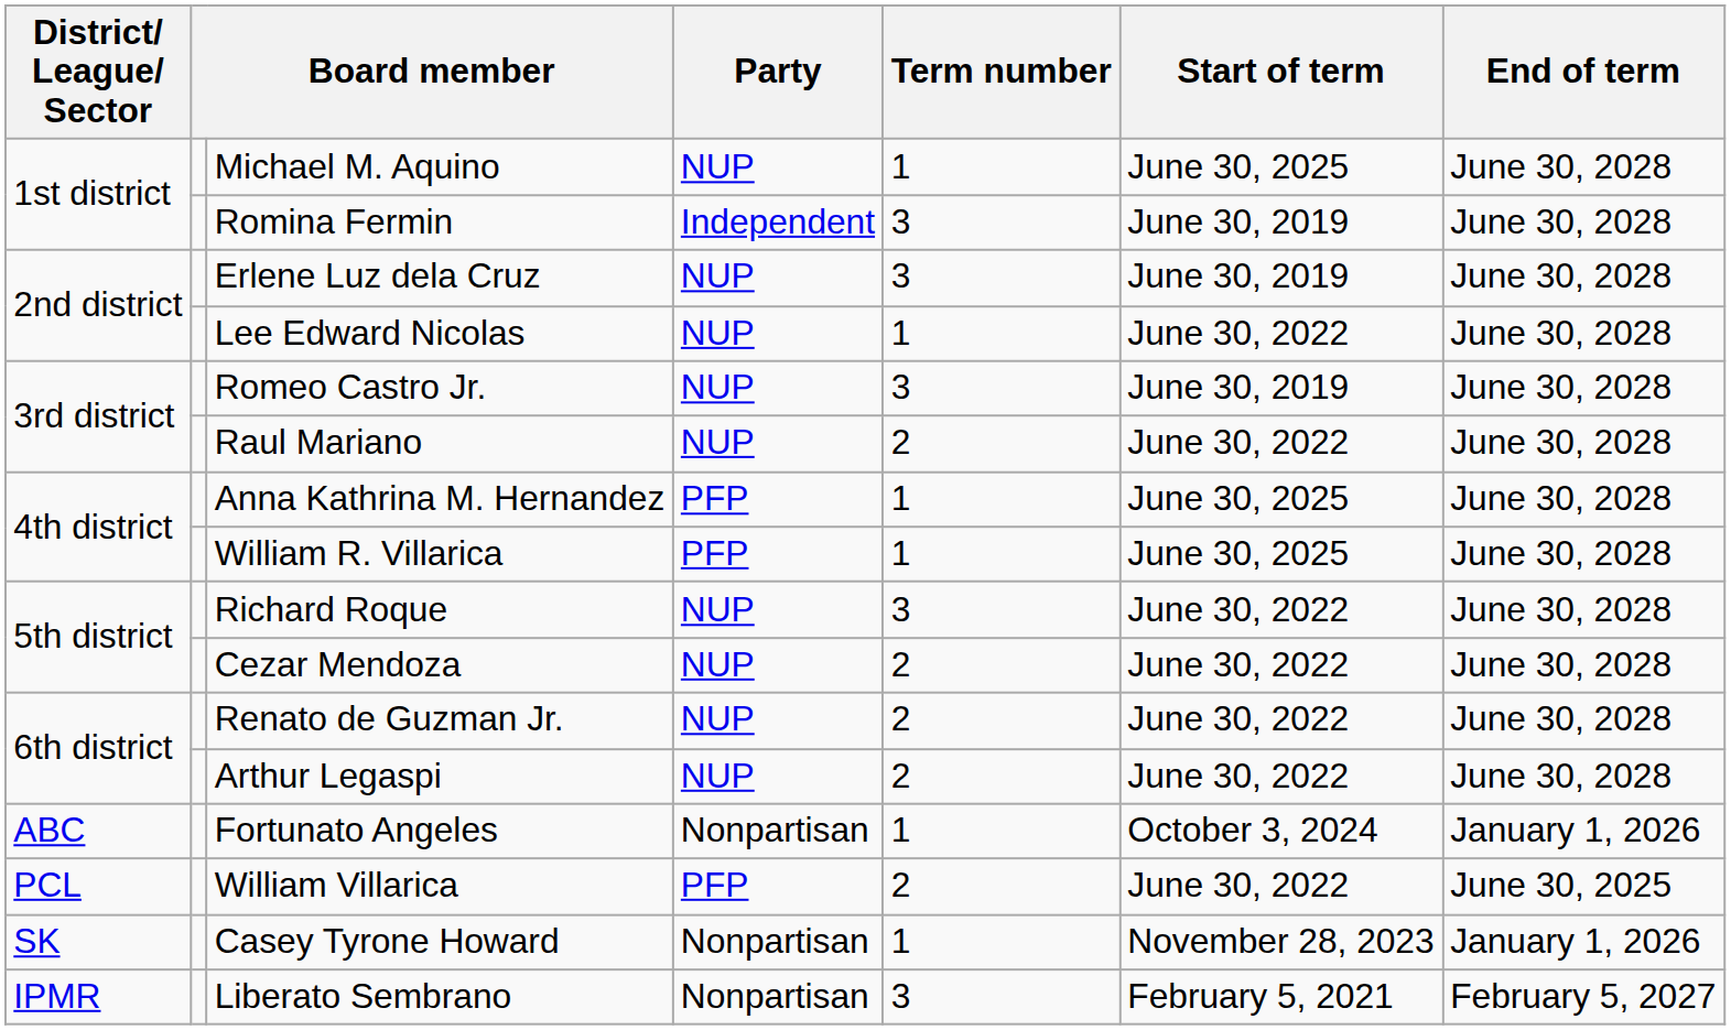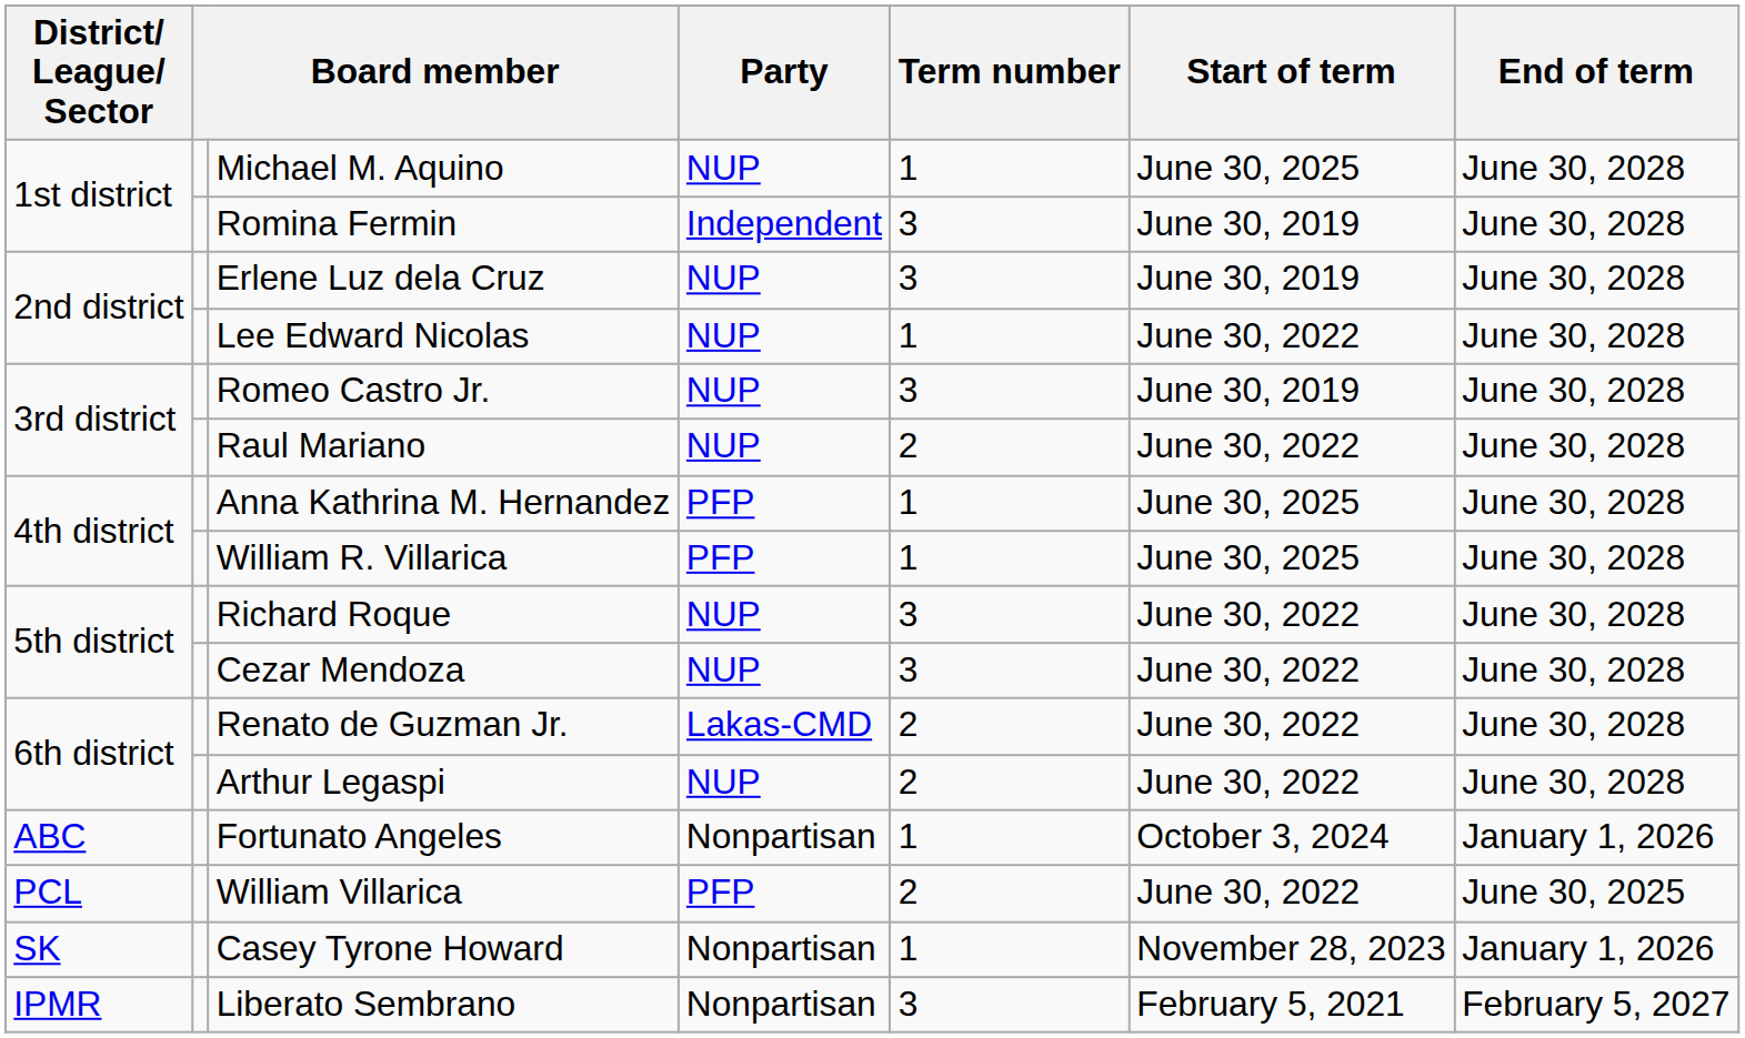 <table class="wikitable">
 <tr>
 <th>District/<br>League/<br>Sector</th>
 <th colspan="2">Board member</th>
 <th>Party</th>
 <th>Term number</th>
 <th>Start of term</th>
 <th>End of term</th>
 </tr>
 <tr>
 <td rowspan="2">1st district</td>
 <td bgcolor=></td>
 <td>Michael M. Aquino</td>
 <td><a href='#'>NUP</a></td>
 <td>1</td>
 <td>June 30, 2025</td>
 <td>June 30, 2028</td>
 </tr>
 <tr>
 <td bgcolor=></td>
 <td>Romina Fermin</td>
 <td><a href='#'>Independent</a></td>
 <td>3</td>
 <td>June 30, 2019</td>
 <td>June 30, 2028</td>
 </tr>
 <tr>
 <td rowspan="2">2nd district</td>
 <td bgcolor=></td>
 <td>Erlene Luz dela Cruz</td>
 <td><a href='#'>NUP</a></td>
 <td>3</td>
 <td>June 30, 2019</td>
 <td>June 30, 2028</td>
 </tr>
 <tr>
 <td bgcolor=></td>
 <td>Lee Edward Nicolas</td>
 <td><a href='#'>NUP</a></td>
 <td>1</td>
 <td>June 30, 2022</td>
 <td>June 30, 2028</td>
 </tr>
 <tr>
 <td rowspan="2">3rd district</td>
 <td bgcolor=></td>
 <td>Romeo Castro Jr.</td>
 <td><a href='#'>NUP</a></td>
 <td>3</td>
 <td>June 30, 2019</td>
 <td>June 30, 2028</td>
 </tr>
 <tr>
 <td bgcolor=></td>
 <td>Raul Mariano</td>
 <td><a href='#'>NUP</a></td>
 <td>2</td>
 <td>June 30, 2022</td>
 <td>June 30, 2028</td>
 </tr>
 <tr>
 <td rowspan="2">4th district</td>
 <td bgcolor=></td>
 <td>Anna Kathrina M. Hernandez</td>
 <td><a href='#'>PFP</a></td>
 <td>1</td>
 <td>June 30, 2025</td>
 <td>June 30, 2028</td>
 </tr>
 <tr>
 <td bgcolor=></td>
 <td>William R. Villarica</td>
 <td><a href='#'>PFP</a></td>
 <td>1</td>
 <td>June 30, 2025</td>
 <td>June 30, 2028</td>
 </tr>
 <tr>
 <td rowspan="2">5th district</td>
 <td bgcolor=></td>
 <td>Richard Roque</td>
 <td><a href='#'>NUP</a></td>
 <td>3</td>
 <td>June 30, 2022</td>
 <td>June 30, 2028</td>
 </tr>
 <tr>
 <td bgcolor=></td>
 <td>Cezar Mendoza</td>
 <td><a href='#'>NUP</a></td>
-<td>2</td>
+<td>3</td>
 <td>June 30, 2022</td>
 <td>June 30, 2028</td>
 </tr>
 <tr>
 <td rowspan="2">6th district</td>
 <td bgcolor=></td>
 <td>Renato de Guzman Jr.</td>
-<td><a href='#'>NUP</a></td>
+<td><a href='#'>Lakas-CMD</a></td>
 <td>2</td>
 <td>June 30, 2022</td>
 <td>June 30, 2028</td>
 </tr>
 <tr>
 <td bgcolor=></td>
 <td>Arthur Legaspi</td>
 <td><a href='#'>NUP</a></td>
 <td>2</td>
 <td>June 30, 2022</td>
 <td>June 30, 2028</td>
 </tr>
 <tr>
 <td><a href='#'>ABC</a></td>
 <td></td>
 <td>Fortunato Angeles</td>
 <td>Nonpartisan</td>
 <td>1</td>
 <td>October 3, 2024</td>
 <td>January 1, 2026</td>
 </tr>
 <tr>
 <td><a href='#'>PCL</a></td>
 <td></td>
 <td>William Villarica</td>
 <td><a href='#'>PFP</a></td>
 <td>2</td>
 <td>June 30, 2022</td>
 <td>June 30, 2025</td>
 </tr>
 <tr>
 <td><a href='#'>SK</a></td>
 <td></td>
 <td>Casey Tyrone Howard</td>
 <td>Nonpartisan</td>
 <td>1</td>
 <td>November 28, 2023</td>
 <td>January 1, 2026</td>
 </tr>
 <tr>
 <td><a href='#'>IPMR</a></td>
 <td></td>
 <td>Liberato Sembrano</td>
 <td>Nonpartisan</td>
 <td>3</td>
 <td>February 5, 2021</td>
 <td>February 5, 2027</td>
 </tr>
 </table>
